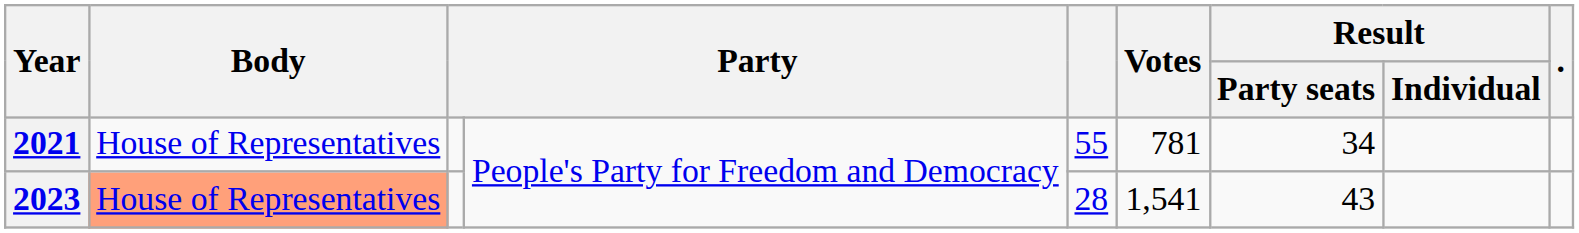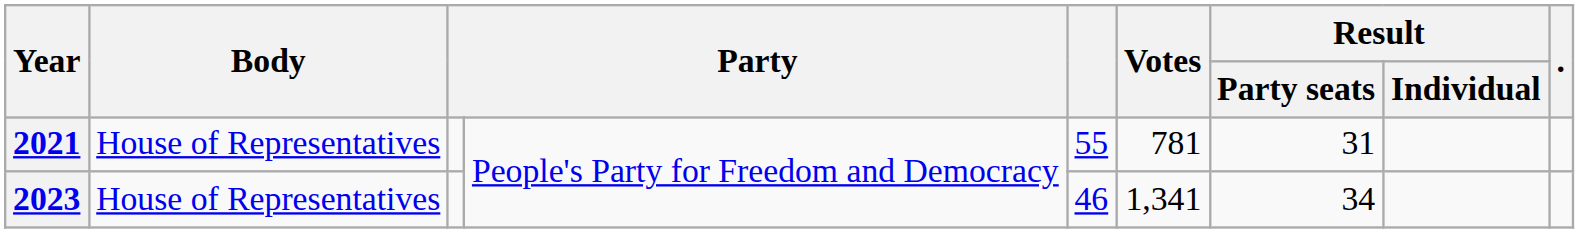 <table class="wikitable plainrowheaders sortable" border=2 cellpadding=4 cellspacing=0 style="border: 1px #aaa solid; font-size: 90%; text-align:center;">
 <tr>
 <th scope="col" rowspan=2>Year</th>
 <th scope="col" rowspan=2>Body</th>
 <th scope="col" colspan=2 rowspan=2>Party</th>
 <th scope="col" rowspan=2></th>
 <th scope="col" rowspan=2>Votes</th>
 <th scope="colgroup" colspan=2>Result</th>
 <th scope="col" rowspan=2 class="unsortable">.</th>
 </tr>
 <tr>
 <th scope="col">Party seats</th>
 <th scope="col">Individual</th>
 </tr>
 <tr>
 <th scope="row"><a href='#'>2021</a></th>
 <td><a href='#'>House of Representatives</a></td>
 <td style="background-color:"></td>
 <td rowspan="2"><a href='#'>People's Party for Freedom and Democracy</a></td>
 <td style=text-align:right><a href='#'>55</a></td>
 <td style=text-align:right>781</td>
-<td style=text-align:right>34</td>
+<td style=text-align:right>31</td>
 <td></td>
 <td></td>
 </tr>
 <tr>
 <th scope="row"><a href='#'>2023</a></th>
-<td style="background: lightsalmon;"><a href='#'>House of Representatives</a></td>
+<td><a href='#'>House of Representatives</a></td>
 <td style="background-color:"></td>
-<td style=text-align:right><a href='#'>28</a></td>
-<td style=text-align:right>1,541</td>
-<td style=text-align:right>43</td>
+<td style=text-align:right><a href='#'>46</a></td>
+<td style=text-align:right>1,341</td>
+<td style=text-align:right>34</td>
 <td></td>
 <td></td>
 </tr>
 </table>
